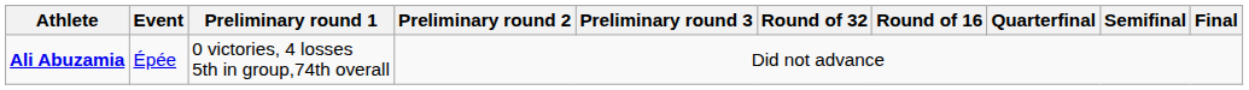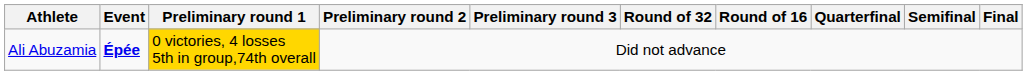 <table class=wikitable style="font-size:90%">
 <tr>
 <th>Athlete</th>
 <th>Event</th>
 <th>Preliminary round 1</th>
 <th>Preliminary round 2</th>
 <th>Preliminary round 3</th>
 <th>Round of 32</th>
 <th>Round of 16</th>
 <th>Quarterfinal</th>
 <th>Semifinal</th>
 <th>Final</th>
 </tr>
 <tr>
-<td><strong><a href='#'>Ali Abuzamia</a></strong></td>
-<td><a href='#'>Épée</a></td>
-<td>0 victories, 4 losses<br>5th in group,74th overall</td>
+<td><a href='#'>Ali Abuzamia</a></td>
+<td><strong><a href='#'>Épée</a></strong></td>
+<td style="background: gold;">0 victories, 4 losses<br>5th in group,74th overall</td>
 <td align=center colspan=9>Did not advance</td>
 </tr>
 </table>
